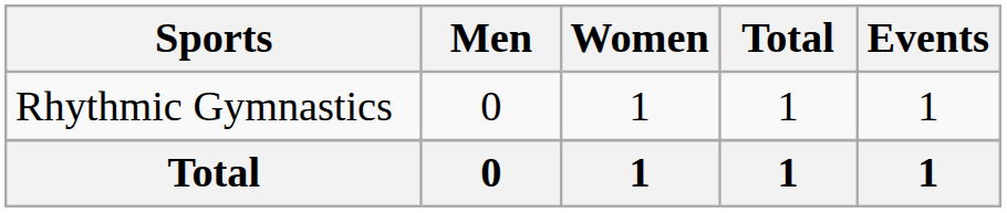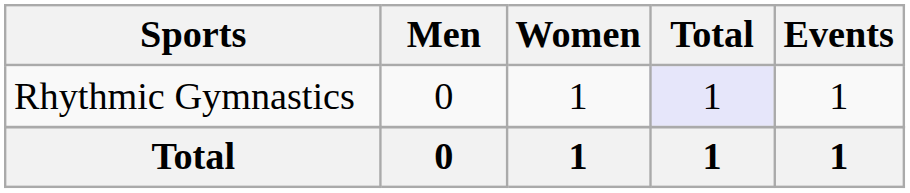 <table class="wikitable sortable" style="text-align:center;">
 <tr>
 <th width=150>Sports</th>
 <th width=45>Men</th>
 <th width=45>Women</th>
 <th width=45>Total</th>
 <th width=45>Events</th>
 </tr>
 <tr>
 <td align=left>Rhythmic Gymnastics</td>
 <td>0</td>
 <td>1</td>
-<td>1</td>
+<td style="background: lavender;">1</td>
 <td>1</td>
 </tr>
 <tr>
 </tr>
 <tr class="sortbottom">
 <th>Total</th>
 <th>0</th>
 <th>1</th>
 <th>1</th>
 <th>1</th>
 </tr>
 </table>
